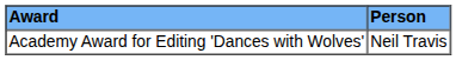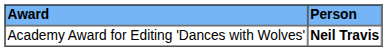 <table border="1" cellpadding="2" cellspacing="0" bgcolor="#000000">
 <tr>
 <td bgcolor="#75B5F6"><strong>Award</strong></td>
 <td bgcolor="#75B5F6"><strong>Person</strong></td>
 </tr>
 <tr>
 <td bgcolor="#ffffff">Academy Award for Editing 'Dances with Wolves'</td>
-<td bgcolor="#ffffff">Neil Travis</td>
+<td bgcolor="#ffffff"><strong>Neil Travis</strong></td>
 </tr>
 </table>
